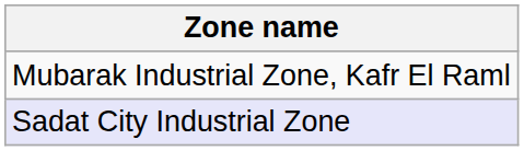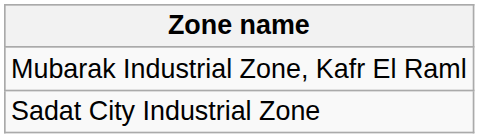 <table class="wikitable">
 <tr>
 <th>Zone name</th>
 </tr>
 <tr>
 <td rowspan="1">Mubarak Industrial Zone, Kafr El Raml</td>
 </tr>
 <tr>
-<td rowspan="1" style="background: lavender;">Sadat City Industrial Zone</td>
+<td rowspan="1">Sadat City Industrial Zone</td>
 </tr>
 </table>
